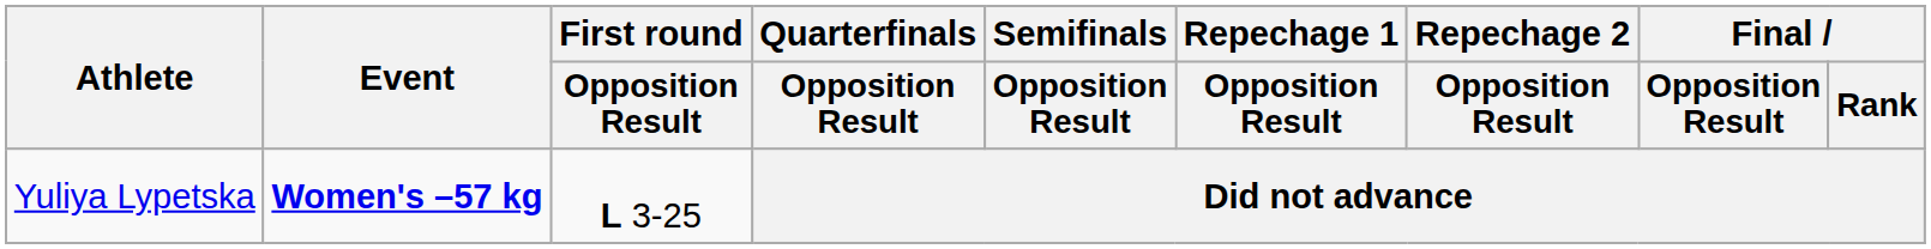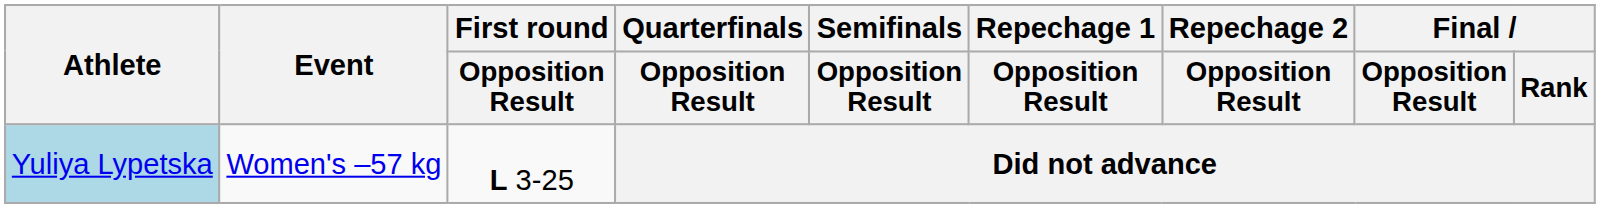 <table class="wikitable" style="font-size:90%;">
 <tr>
 <th rowspan=2>Athlete</th>
 <th rowspan=2>Event</th>
 <th>First round</th>
 <th>Quarterfinals</th>
 <th>Semifinals</th>
 <th>Repechage 1</th>
 <th>Repechage 2</th>
 <th colspan=2>Final / </th>
 </tr>
 <tr style="font-size:95%">
 <th>Opposition<br>Result</th>
 <th>Opposition<br>Result</th>
 <th>Opposition<br>Result</th>
 <th>Opposition<br>Result</th>
 <th>Opposition<br>Result</th>
 <th>Opposition<br>Result</th>
 <th>Rank</th>
 </tr>
 <tr align=center>
-<td align=left><a href='#'>Yuliya Lypetska</a></td>
-<td align=left><strong><a href='#'>Women's –57 kg</a></strong></td>
+<td align=left style="background: lightblue;"><a href='#'>Yuliya Lypetska</a></td>
+<td align=left><a href='#'>Women's –57 kg</a></td>
 <td><br><strong>L</strong> 3-25</td>
 <th colspan=6>Did not advance</th>
 </tr>
 </table>
